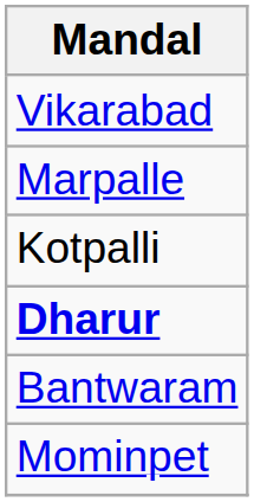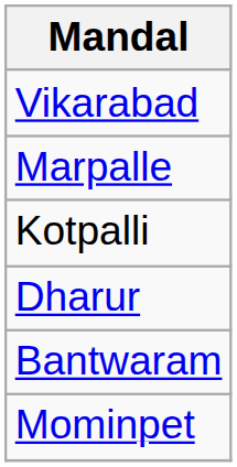 <table class="wikitable sortable static-row-numbers static-row-header-hash">
 <tr>
 <th>Mandal</th>
 </tr>
 <tr>
 <td><a href='#'>Vikarabad</a></td>
 </tr>
 <tr>
 <td><a href='#'>Marpalle</a></td>
 </tr>
 <tr>
 <td>Kotpalli</td>
 </tr>
 <tr>
-<td><strong><a href='#'>Dharur</a></strong></td>
+<td><a href='#'>Dharur</a></td>
 </tr>
 <tr>
 <td><a href='#'>Bantwaram</a></td>
 </tr>
 <tr>
 <td><a href='#'>Mominpet</a></td>
 </tr>
 <tr>
 </tr>
 </table>
